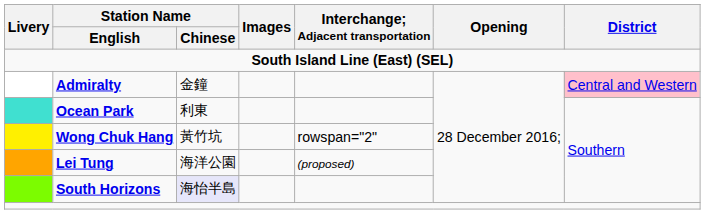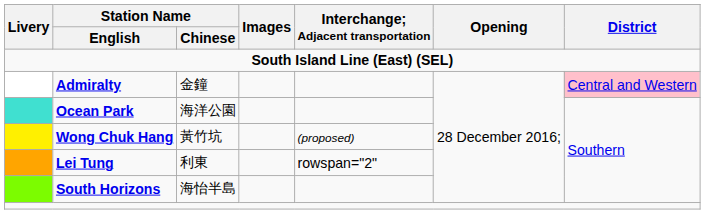 <table class="wikitable" style="color: black; border-collapse: collapse; font-size: 95%">
 <tr>
 <th rowspan="2">Livery</th>
 <th colspan="2">Station Name</th>
 <th rowspan="2">Images</th>
 <th rowspan="2">Interchange;<br><small>Adjacent transportation</small></th>
 <th rowspan="2">Opening</th>
 <th rowspan="2"><a href='#'>District</a></th>
 </tr>
 <tr>
 <th>English</th>
 <th>Chinese</th>
 </tr>
 <tr>
 <td colspan="7" style="text-align:center;"><strong><span>South Island Line (East) (SEL)</span></strong></td>
 </tr>
 <tr>
 <td style="background-color: #FFFFFF;"></td>
 <td><strong><a href='#'>Admiralty</a></strong></td>
 <td>金鐘</td>
 <td></td>
 <td></td>
 <td rowspan="5">28 December 2016;<br></td>
 <td style="background: pink;"><a href='#'>Central and Western</a></td>
 </tr>
 <tr>
 <td style="background-color: #40E0D0;"></td>
 <td><strong><a href='#'>Ocean Park</a></strong></td>
-<td>利東</td>
+<td>海洋公園</td>
 <td></td>
 <td></td>
 <td rowspan="4"><a href='#'>Southern</a></td>
 </tr>
 <tr>
 <td style="background-color: #FFF000;"></td>
 <td><strong><a href='#'>Wong Chuk Hang</a></strong></td>
 <td>黃竹坑</td>
 <td></td>
-<td>rowspan="2" </td>
+<td><em> <small>(proposed)</small></em></td>
 </tr>
 <tr>
 <td style="background-color: #FFA500;"></td>
 <td><strong><a href='#'>Lei Tung</a></strong></td>
-<td>海洋公園</td>
+<td>利東</td>
 <td></td>
-<td><em> <small>(proposed)</small></em></td>
+<td>rowspan="2" </td>
 </tr>
 <tr>
 <td style="background-color: #7CFC00;"></td>
 <td><strong><a href='#'>South Horizons</a></strong></td>
-<td style="background: lavender;">海怡半島</td>
+<td>海怡半島</td>
 <td></td>
 </tr>
 <tr>
 <td colspan = "7"></td>
 </tr>
 </table>
